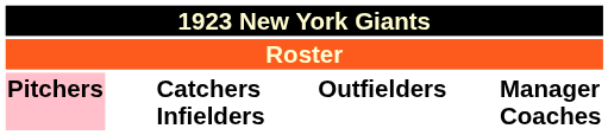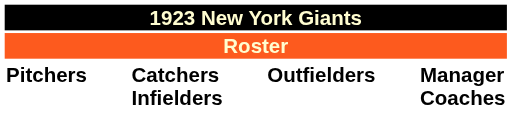 <table class="toccolours" style="font-size: 95%;">
 <tr>
 <th colspan="10" style="background-color: black; color: #FFFDD0; text-align: center;">1923 New York Giants</th>
 </tr>
 <tr>
 <td colspan="10" style="background-color: #fd5a1e; color: #FFFDD0; text-align: center;"><strong>Roster</strong></td>
 </tr>
 <tr>
-<td valign="top" style="background: pink;"><strong>Pitchers</strong><br>              </td>
+<td valign="top"><strong>Pitchers</strong><br>              </td>
 <td width="25px"></td>
 <td valign="top"><strong>Catchers</strong><br>    <strong>Infielders</strong>       </td>
 <td width="25px"></td>
 <td valign="top"><strong>Outfielders</strong><br>       </td>
 <td width="25px"></td>
 <td valign="top"><strong>Manager</strong><br> <strong>Coaches</strong>  </td>
 </tr>
 </table>
